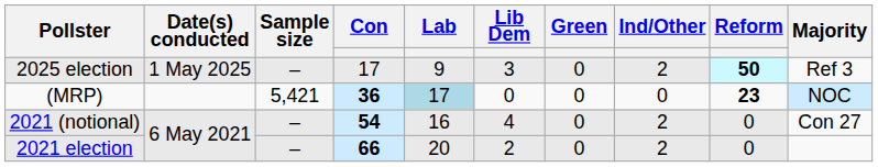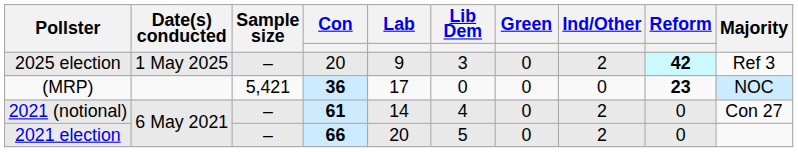 <table class="wikitable sortable mw-datatable" style="text-align:center;font-size:100%;line-height:14px;">
 <tr>
 <th rowspan="2">Pollster</th>
 <th rowspan="2">Date(s)<br>conducted</th>
 <th data-sort-type="number" rowspan="2">Sample<br>size</th>
 <th class="unsortable" style="width:50px;"><a href='#'>Con</a></th>
 <th class="unsortable" style="width:50px;"><a href='#'>Lab</a></th>
 <th class="unsortable" style="width:50px;"><a href='#'>Lib Dem</a></th>
 <th class="unsortable" style="width:50px;"><a href='#'>Green</a></th>
 <th class="unsortable" style="width:50px;"><a href='#'>Ind/Other</a></th>
 <th class="unsortable" style="width:50px;"><a href='#'>Reform</a></th>
 <th rowspan="2" data-sort-type="number">Majority</th>
 </tr>
 <tr>
 <th data-sort-type="number" style="background:"></th>
 <th data-sort-type="number" style="background:"></th>
 <th data-sort-type="number" style="background:"></th>
 <th data-sort-type="number" style="background:"></th>
 <th data-sort-type="number" style="background:"></th>
 <th data-sort-type="number" style="background:"></th>
 </tr>
 <tr>
 <td style="background:#e9e9e9;">2025 election</td>
 <td style="background:#e9e9e9;">1 May 2025</td>
 <td style="background:#e9e9e9;">–</td>
-<td style="background:#e9e9e9;">17</td>
+<td style="background:#e9e9e9;">20</td>
 <td style="background:#e9e9e9;">9</td>
 <td style="background:#e9e9e9;">3</td>
 <td style="background:#e9e9e9;">0</td>
 <td style="background:#e9e9e9;">2</td>
-<td style="background:#CCf8ff;"><strong>50</strong></td>
+<td style="background:#CCf8ff;"><strong>42</strong></td>
 <td style="background:">Ref 3</td>
 </tr>
 <tr>
 <td> (MRP)</td>
 <td></td>
 <td>5,421</td>
 <td style="background:#CCEBFF;"><strong>36</strong></td>
-<td style="background: lightblue;">17</td>
+<td>17</td>
 <td>0</td>
 <td>0</td>
 <td>0</td>
 <td><strong>23</strong></td>
 <td style="background:#CCEBFF;" data-sort-value="0">NOC<br></td>
 </tr>
 <tr>
 <td style="background:#e9e9e9;"><a href='#'>2021</a> (notional)</td>
 <td style="background:#e9e9e9;"; rowspan="2">6 May 2021</td>
 <td style="background:#e9e9e9;">–</td>
-<td style="background:#CCEBFF;"><strong>54</strong></td>
-<td style="background:#e9e9e9;">16</td>
+<td style="background:#CCEBFF;"><strong>61</strong></td>
+<td style="background:#e9e9e9;">14</td>
 <td style="background:#e9e9e9;">4</td>
 <td style="background:#e9e9e9;">0</td>
 <td style="background:#e9e9e9;">2</td>
 <td style="background:#e9e9e9;">0</td>
 <td style="background:">Con 27</td>
 </tr>
 <tr>
 <td style="background:#e9e9e9;"><a href='#'>2021 election</a></td>
 <td style="background:#e9e9e9;">–</td>
 <td style="background:#CCEBFF;"><strong>66</strong></td>
 <td style="background:#e9e9e9;">20</td>
-<td style="background:#e9e9e9;">2</td>
+<td style="background:#e9e9e9;">5</td>
 <td style="background:#e9e9e9;">0</td>
 <td style="background:#e9e9e9;">2</td>
 <td style="background:#e9e9e9;">0</td>
 </tr>
 </table>
